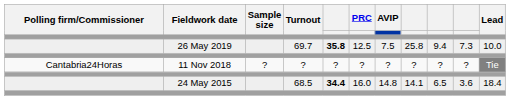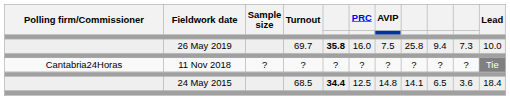 <table class="wikitable collapsible collapsed" style="text-align:center; font-size:95%; line-height:16px;">
 <tr style="height:42px;">
 <th style="width:250px;" rowspan="2">Polling firm/Commissioner</th>
 <th style="width:125px;" rowspan="2">Fieldwork date</th>
 <th style="width:50px;" rowspan="2">Sample size</th>
 <th style="width:45px;" rowspan="2">Turnout</th>
 <th style="width:35px;"></th>
 <th style="width:35px;"><a href='#'>PRC</a></th>
 <th style="width:35px;">AVIP</th>
 <th style="width:35px;"></th>
 <th style="width:35px;"></th>
 <th style="width:35px;"></th>
 <th style="width:30px;" rowspan="2">Lead</th>
 </tr>
 <tr>
 <th style="color:inherit;background:"></th>
 <th style="color:inherit;background:"></th>
 <th style="color:inherit;background:#0032A3;"></th>
 <th style="color:inherit;background:"></th>
 <th style="color:inherit;background:"></th>
 <th style="color:inherit;background:"></th>
 </tr>
 <tr>
 <td colspan="11" style="background:#A0A0A0"></td>
 </tr>
 <tr style="background:#EFEFEF;">
 <td><strong></strong></td>
 <td>26 May 2019</td>
 <td></td>
 <td>69.7</td>
 <td><strong>35.8</strong><br></td>
-<td>12.5<br></td>
+<td>16.0<br></td>
 <td>7.5<br></td>
 <td>25.8<br></td>
 <td>9.4<br></td>
 <td>7.3<br></td>
 <td style="background:">10.0</td>
 </tr>
 <tr>
 <td colspan="11" style="background:#A0A0A0"></td>
 </tr>
 <tr>
 <td>Cantabria24Horas</td>
 <td>11 Nov 2018</td>
 <td>?</td>
 <td>?</td>
 <td>?<br></td>
 <td>?<br></td>
 <td>?<br></td>
 <td>?<br></td>
 <td>?<br></td>
 <td>?<br></td>
 <td style="background:gray;color:white;">Tie</td>
 </tr>
 <tr>
 <td colspan="11" style="background:#A0A0A0"></td>
 </tr>
 <tr style="background:#EFEFEF;">
 <td><strong></strong></td>
 <td>24 May 2015</td>
 <td></td>
 <td>68.5</td>
 <td><strong>34.4</strong><br></td>
-<td>16.0<br></td>
+<td>12.5<br></td>
 <td>14.8<br></td>
 <td>14.1<br></td>
 <td>6.5<br></td>
 <td>3.6<br></td>
 <td style="background:">18.4</td>
 </tr>
 <tr>
 <td colspan="11" style="background:#A0A0A0"></td>
 </tr>
 </table>
